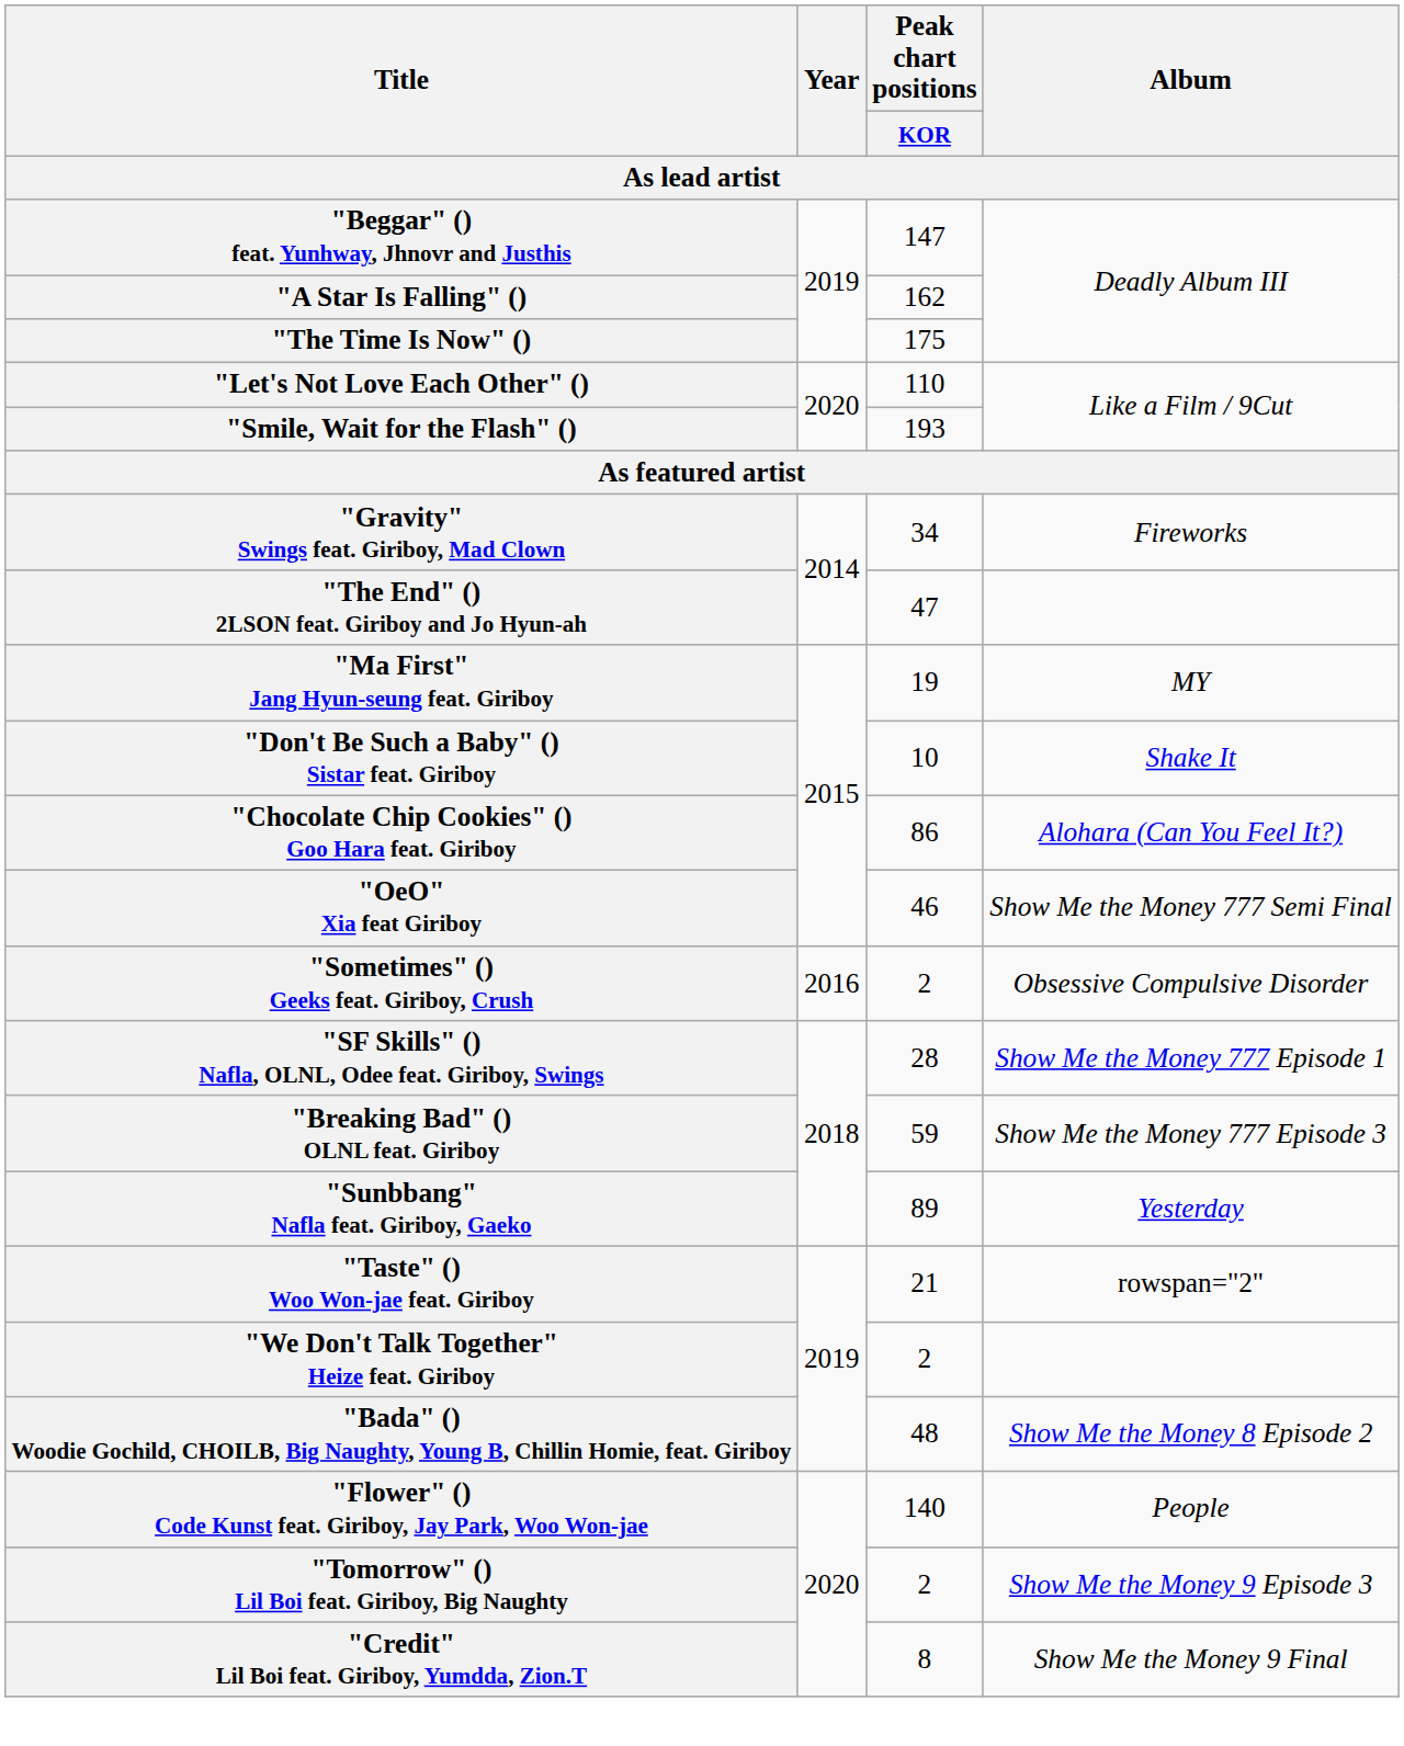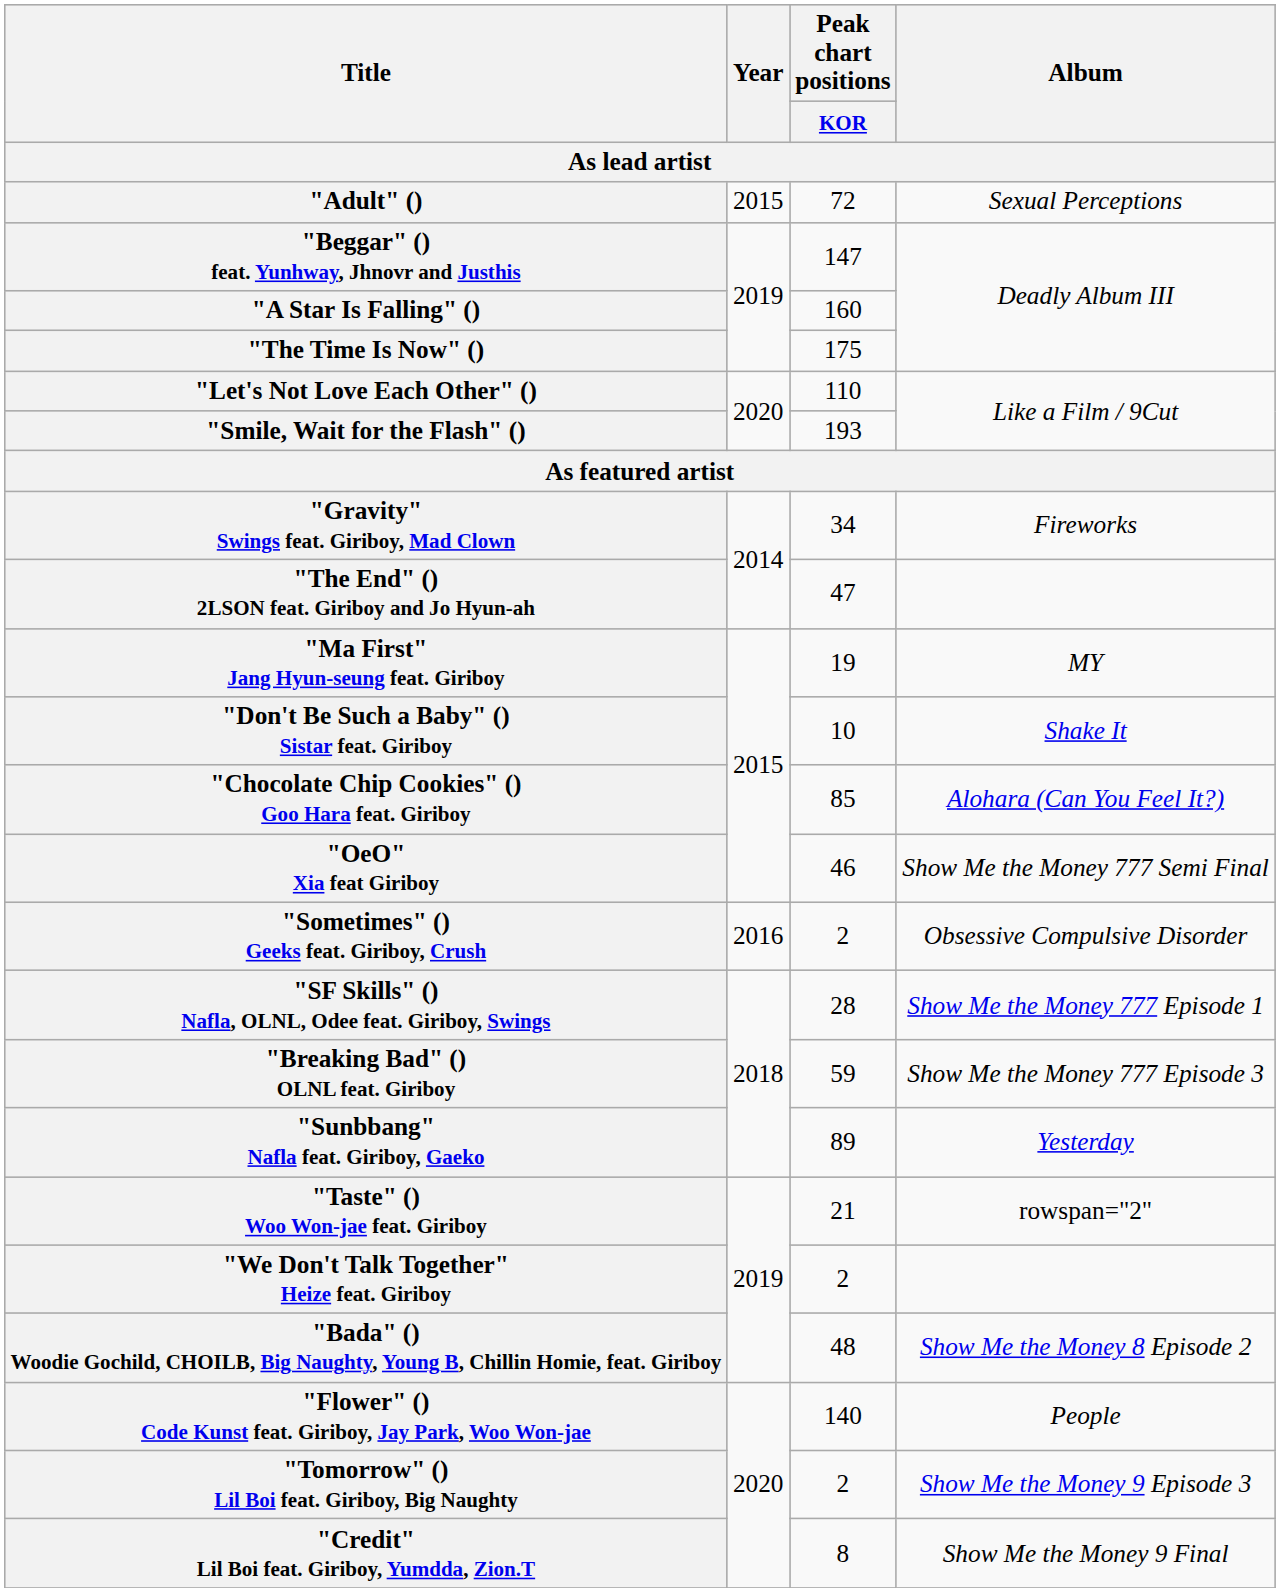 <table class="wikitable plainrowheaders" style="text-align:center;">
 <tr>
 <th scope="col" rowspan="2">Title</th>
 <th scope="col" rowspan="2">Year</th>
 <th scope="col" style="width:3em;">Peak chart positions</th>
 <th scope="col" rowspan="2">Album</th>
 </tr>
 <tr>
 <th><small><a href='#'>KOR</a></small><br></th>
 </tr>
 <tr>
 <th colspan="4">As lead artist</th>
 </tr>
 <tr>
+<th scope="row">"Adult" ()</th>
+<td>2015</td>
+<td>72</td>
+<td><em>Sexual Perceptions</em></td>
+</tr>
+<tr>
 <th scope="row">"Beggar" ()<br><small>feat. <a href='#'>Yunhway</a>, Jhnovr and <a href='#'>Justhis</a></small></th>
 <td rowspan="3">2019</td>
 <td>147</td>
 <td rowspan="3"><em>Deadly Album III</em></td>
 </tr>
 <tr>
 <th scope="row">"A Star Is Falling" ()</th>
-<td>162</td>
+<td>160</td>
 </tr>
 <tr>
 <th scope="row">"The Time Is Now" ()</th>
 <td>175</td>
 </tr>
 <tr>
 <th scope="row">"Let's Not Love Each Other" ()</th>
 <td rowspan="2">2020</td>
 <td>110</td>
 <td rowspan="2"><em>Like a Film / 9Cut</em></td>
 </tr>
 <tr>
 <th scope="row">"Smile, Wait for the Flash" ()</th>
 <td>193</td>
 </tr>
 <tr>
 <th colspan="4">As featured artist</th>
 </tr>
 <tr>
 <th scope="row">"Gravity"<br><small><a href='#'>Swings</a> feat. Giriboy, <a href='#'>Mad Clown</a></small></th>
 <td rowspan="2">2014</td>
 <td>34</td>
 <td><em>Fireworks</em></td>
 </tr>
 <tr>
 <th scope="row">"The End" ()<br><small>2LSON feat. Giriboy and Jo Hyun-ah</small></th>
 <td>47</td>
 <td></td>
 </tr>
 <tr>
 <th scope="row">"Ma First"<br><small><a href='#'>Jang Hyun-seung</a> feat. Giriboy</small></th>
 <td rowspan="4">2015</td>
 <td>19</td>
 <td><em>MY</em></td>
 </tr>
 <tr>
 <th scope="row">"Don't Be Such a Baby" ()<br><small><a href='#'>Sistar</a> feat. Giriboy</small></th>
 <td>10</td>
 <td><em><a href='#'>Shake It</a></em></td>
 </tr>
 <tr>
 <th scope="row">"Chocolate Chip Cookies" ()<br><small><a href='#'>Goo Hara</a> feat. Giriboy</small></th>
-<td>86</td>
+<td>85</td>
 <td><em><a href='#'>Alohara (Can You Feel It?)</a></em></td>
 </tr>
 <tr>
 <th scope="row">"OeO"<br><small><a href='#'>Xia</a> feat Giriboy</small></th>
 <td>46</td>
 <td><em>Show Me the Money 777</em> <em>Semi Final</em></td>
 </tr>
 <tr>
 <th scope="row">"Sometimes" ()<br><small><a href='#'>Geeks</a> feat. Giriboy, <a href='#'>Crush</a></small></th>
 <td>2016</td>
 <td>2</td>
 <td><em>Obsessive Compulsive Disorder</em></td>
 </tr>
 <tr>
 <th scope="row">"SF Skills" ()<br><small><a href='#'>Nafla</a>, OLNL, Odee feat. Giriboy, <a href='#'>Swings</a></small></th>
 <td rowspan="3">2018</td>
 <td>28</td>
 <td><em><a href='#'>Show Me the Money 777</a></em> <em>Episode 1</em></td>
 </tr>
 <tr>
 <th scope="row">"Breaking Bad" ()<br><small>OLNL feat. Giriboy</small></th>
 <td>59</td>
 <td><em>Show Me the Money 777</em> <em>Episode 3</em></td>
 </tr>
 <tr>
 <th scope="row">"Sunbbang"<br><small><a href='#'>Nafla</a> feat. Giriboy, <a href='#'>Gaeko</a></small></th>
 <td>89</td>
 <td><em><a href='#'>Yesterday</a></em></td>
 </tr>
 <tr>
 <th scope="row">"Taste" ()<br><small><a href='#'>Woo Won-jae</a> feat. Giriboy</small></th>
 <td rowspan="3">2019</td>
 <td>21</td>
 <td>rowspan="2" </td>
 </tr>
 <tr>
 <th scope="row">"We Don't Talk Together"<br><small><a href='#'>Heize</a> feat. Giriboy</small></th>
 <td>2</td>
 </tr>
 <tr>
 <th scope="row">"Bada" ()<br><small>Woodie Gochild, CHOILB, <a href='#'>Big Naughty</a>, <a href='#'>Young B</a>, Chillin Homie, feat. Giriboy</small></th>
 <td>48</td>
 <td><em><a href='#'>Show Me the Money 8</a></em> <em>Episode 2</em></td>
 </tr>
 <tr>
 <th scope="row">"Flower" ()<br><small><a href='#'>Code Kunst</a> feat. Giriboy, <a href='#'>Jay Park</a>, <a href='#'>Woo Won-jae</a></small></th>
 <td rowspan="3">2020</td>
 <td>140</td>
 <td><em>People</em></td>
 </tr>
 <tr>
 <th scope="row">"Tomorrow" ()<br><small><a href='#'>Lil Boi</a> feat. Giriboy, Big Naughty</small></th>
 <td>2</td>
 <td><em><a href='#'>Show Me the Money 9</a></em> <em>Episode 3</em></td>
 </tr>
 <tr>
 <th scope="row">"Credit"<br><small>Lil Boi feat. Giriboy, <a href='#'>Yumdda</a>, <a href='#'>Zion.T</a></small></th>
 <td>8</td>
 <td><em>Show Me the Money 9 Final</em></td>
 </tr>
 </table>
